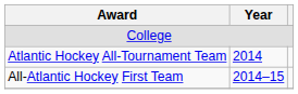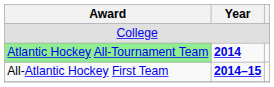 <table class="wikitable">
 <tr>
 <th>Award</th>
 <th>Year</th>
 <th></th>
 </tr>
 <tr ALIGN="center" bgcolor="#e0e0e0">
 <td colspan="3"><a href='#'>College</a></td>
 </tr>
 <tr>
-<td><a href='#'>Atlantic Hockey</a> <a href='#'>All-Tournament Team</a></td>
-<td><a href='#'>2014</a></td>
+<td style="background: lightgreen;"><a href='#'>Atlantic Hockey</a> <a href='#'>All-Tournament Team</a></td>
+<td><strong><a href='#'>2014</a></strong></td>
 <td></td>
 </tr>
 <tr>
 <td>All-<a href='#'>Atlantic Hockey</a> <a href='#'>First Team</a></td>
-<td><a href='#'>2014–15</a></td>
+<td><strong><a href='#'>2014–15</a></strong></td>
 <td></td>
 </tr>
 <tr>
 </tr>
 </table>
